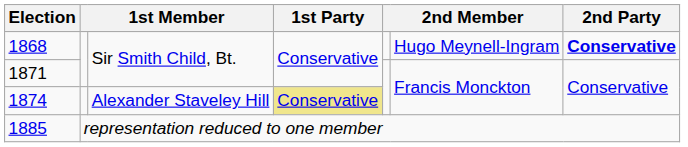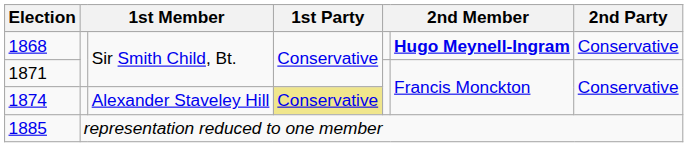 <table class="wikitable">
 <tr>
 <th>Election</th>
 <th colspan="2">1st Member</th>
 <th>1st Party</th>
 <th colspan="2">2nd Member</th>
 <th>2nd Party</th>
 </tr>
 <tr>
 <td><a href='#'>1868</a></td>
 <td rowspan="2" style="color:inherit;background-color: "></td>
 <td rowspan="2">Sir <a href='#'>Smith Child</a>, Bt.</td>
 <td rowspan="2"><a href='#'>Conservative</a></td>
 <td style="color:inherit;background-color: "></td>
-<td><a href='#'>Hugo Meynell-Ingram</a></td>
-<td><strong><a href='#'>Conservative</a></strong></td>
+<td><strong><a href='#'>Hugo Meynell-Ingram</a></strong></td>
+<td><a href='#'>Conservative</a></td>
 </tr>
 <tr>
 <td>1871</td>
 <td rowspan="2" style="color:inherit;background-color: "></td>
 <td rowspan="2"><a href='#'>Francis Monckton</a></td>
 <td rowspan="2"><a href='#'>Conservative</a></td>
 </tr>
 <tr>
 <td><a href='#'>1874</a></td>
 <td style="color:inherit;background-color: "></td>
 <td><a href='#'>Alexander Staveley Hill</a></td>
 <td style="background: khaki;"><a href='#'>Conservative</a></td>
 </tr>
 <tr>
 <td><a href='#'>1885</a></td>
 <td colspan="6"><em>representation reduced to one member</em></td>
 </tr>
 </table>
